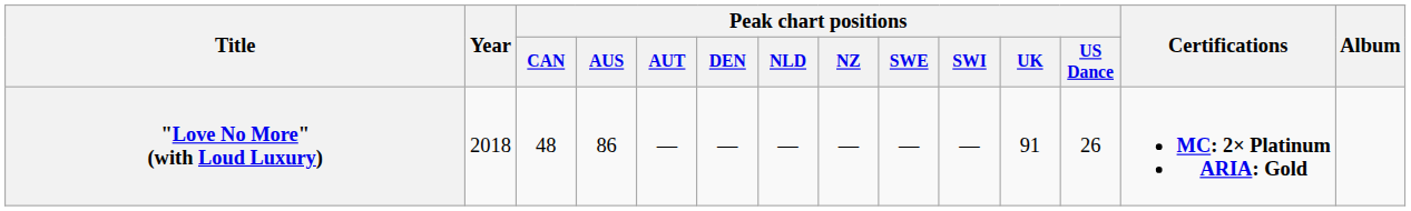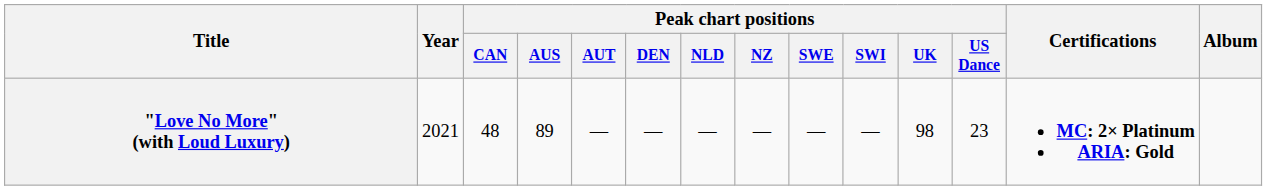 <table class="wikitable plainrowheaders" style="text-align:center;">
 <tr>
 <th scope="col" rowspan="2" style="width:22em;">Title</th>
 <th scope="col" rowspan="2" style="width:1em;">Year</th>
 <th scope="col" colspan="10">Peak chart positions</th>
 <th scope="col" rowspan="2">Certifications</th>
 <th scope="col" rowspan="2">Album</th>
 </tr>
 <tr>
 <th scope="col" style="width:3em;font-size:85%;"><a href='#'>CAN</a><br></th>
 <th scope="col" style="width:3em;font-size:85%;"><a href='#'>AUS</a><br></th>
 <th scope="col" style="width:3em;font-size:85%;"><a href='#'>AUT</a><br></th>
 <th scope="col" style="width:3em;font-size:85%;"><a href='#'>DEN</a><br></th>
 <th scope="col" style="width:3em;font-size:85%;"><a href='#'>NLD</a><br></th>
 <th scope="col" style="width:3em;font-size:85%;"><a href='#'>NZ</a><br></th>
 <th scope="col" style="width:3em;font-size:85%;"><a href='#'>SWE</a><br></th>
 <th scope="col" style="width:3em;font-size:85%;"><a href='#'>SWI</a><br></th>
 <th scope="col" style="width:3em;font-size:85%;"><a href='#'>UK</a><br></th>
 <th scope="col" style="width:3em;font-size:85%;"><a href='#'>US<br>Dance</a><br></th>
 </tr>
 <tr>
 <th scope="row">"<a href='#'>Love No More</a>"<br><span>(with <a href='#'>Loud Luxury</a>)</span></th>
-<td>2018</td>
+<td>2021</td>
 <td>48</td>
-<td>86</td>
+<td>89</td>
 <td>—</td>
 <td>—</td>
 <td>—</td>
 <td>—</td>
 <td>—</td>
 <td>—</td>
-<td>91</td>
-<td>26</td>
+<td>98</td>
+<td>23</td>
 <td><strong><br><ul><li><a href='#'>MC</a>: 2× Platinum</li><li><a href='#'>ARIA</a>: Gold</li></ul></strong></td>
 <td></td>
 </tr>
 </table>
